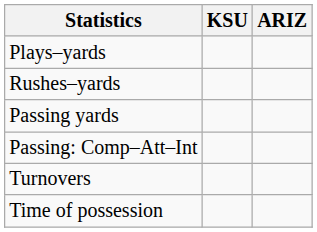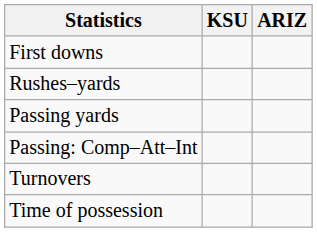 <table class="wikitable" style="float:left">
 <tr>
 <th>Statistics</th>
 <th>KSU</th>
 <th>ARIZ</th>
 </tr>
 <tr>
-<td>Plays–yards</td>
+<td>First downs</td>
 <td></td>
 <td></td>
 </tr>
 <tr>
 <td>Rushes–yards</td>
 <td></td>
 <td></td>
 </tr>
 <tr>
 <td>Passing yards</td>
 <td></td>
 <td></td>
 </tr>
 <tr>
 <td>Passing: Comp–Att–Int</td>
 <td></td>
 <td></td>
 </tr>
 <tr>
 <td>Turnovers</td>
 <td></td>
 <td></td>
 </tr>
 <tr>
 <td>Time of possession</td>
 <td></td>
 <td></td>
 </tr>
 </table>
